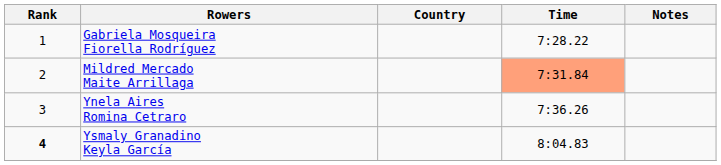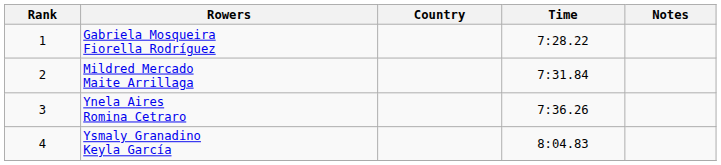 <table class="wikitable" width=60% style="text-align:center">
 <tr>
 <th>Rank</th>
 <th>Rowers</th>
 <th>Country</th>
 <th>Time</th>
 <th>Notes</th>
 </tr>
 <tr>
 <td>1</td>
 <td align=left><a href='#'>Gabriela Mosqueira</a><br><a href='#'>Fiorella Rodríguez</a></td>
 <td align=left></td>
 <td>7:28.22</td>
 <td></td>
 </tr>
 <tr>
 <td>2</td>
 <td align=left><a href='#'>Mildred Mercado</a><br><a href='#'>Maite Arrillaga</a></td>
 <td align=left></td>
-<td style="background: lightsalmon;">7:31.84</td>
+<td>7:31.84</td>
 <td></td>
 </tr>
 <tr>
 <td>3</td>
 <td align=left><a href='#'>Ynela Aires</a><br><a href='#'>Romina Cetraro</a></td>
 <td align=left></td>
 <td>7:36.26</td>
 <td></td>
 </tr>
 <tr>
-<td><strong>4</strong></td>
+<td>4</td>
 <td align=left><a href='#'>Ysmaly Granadino</a><br><a href='#'>Keyla García</a></td>
 <td align=left></td>
 <td>8:04.83</td>
 <td></td>
 </tr>
 <tr>
 </tr>
 </table>
